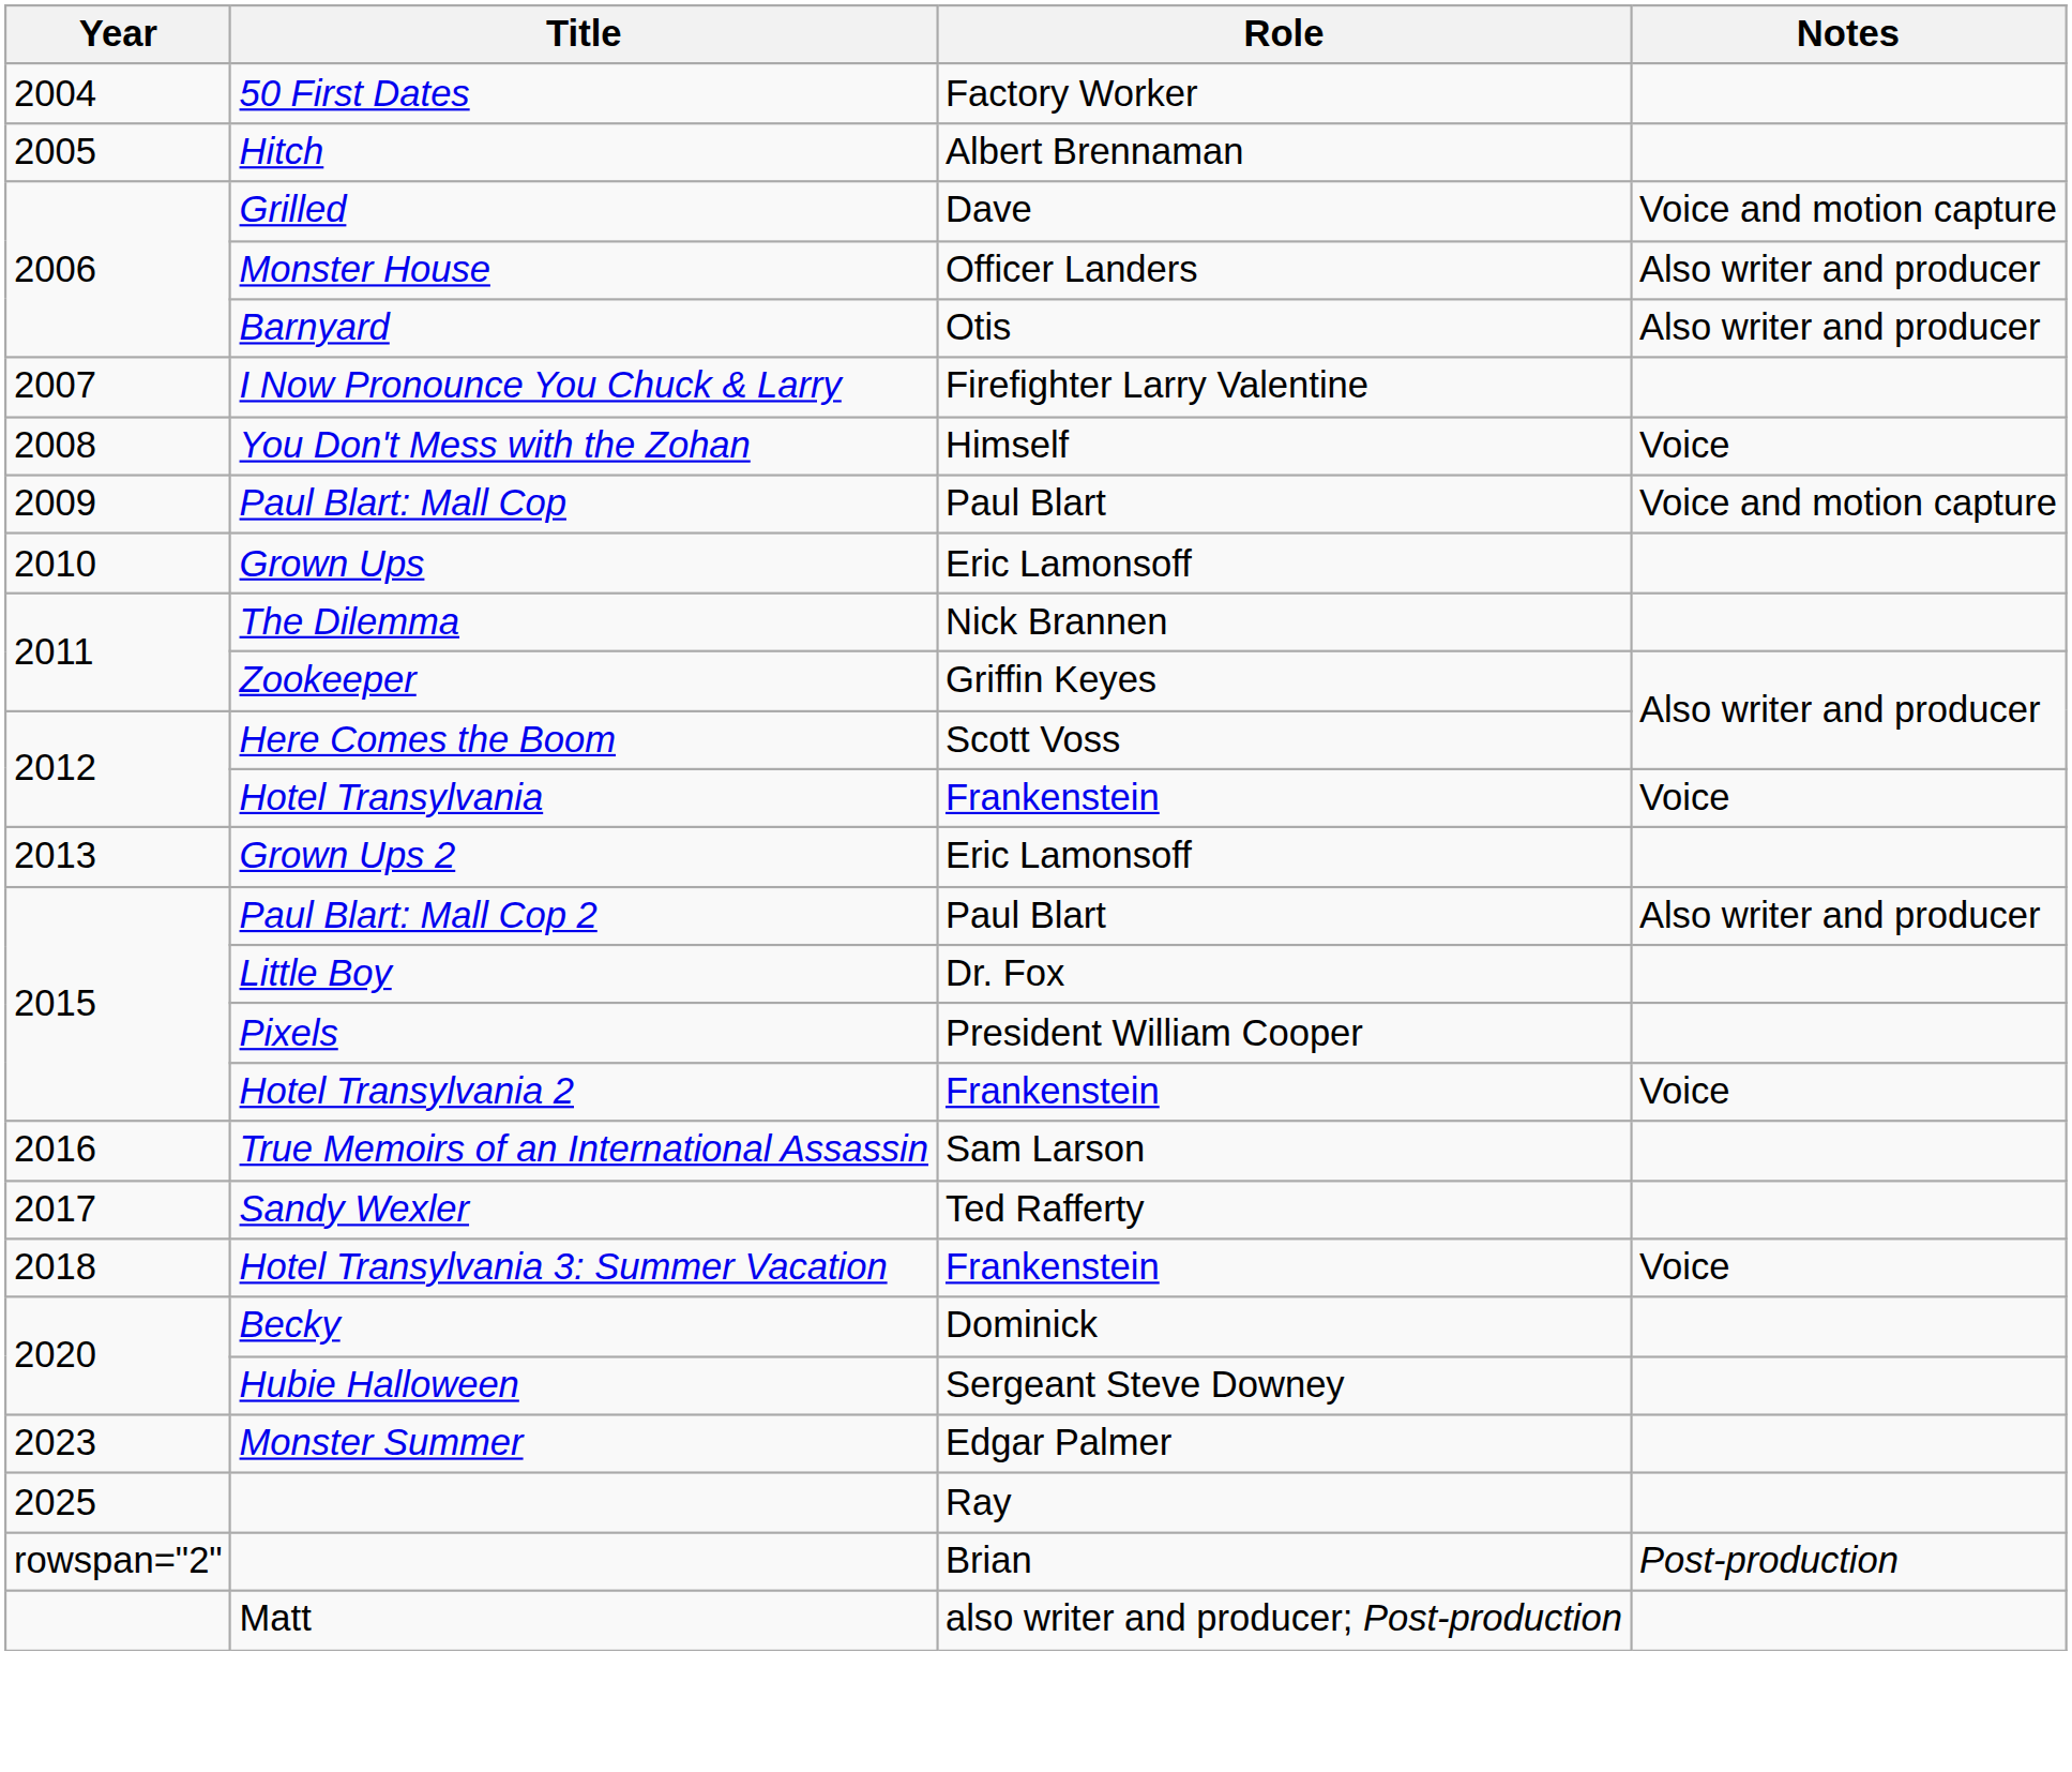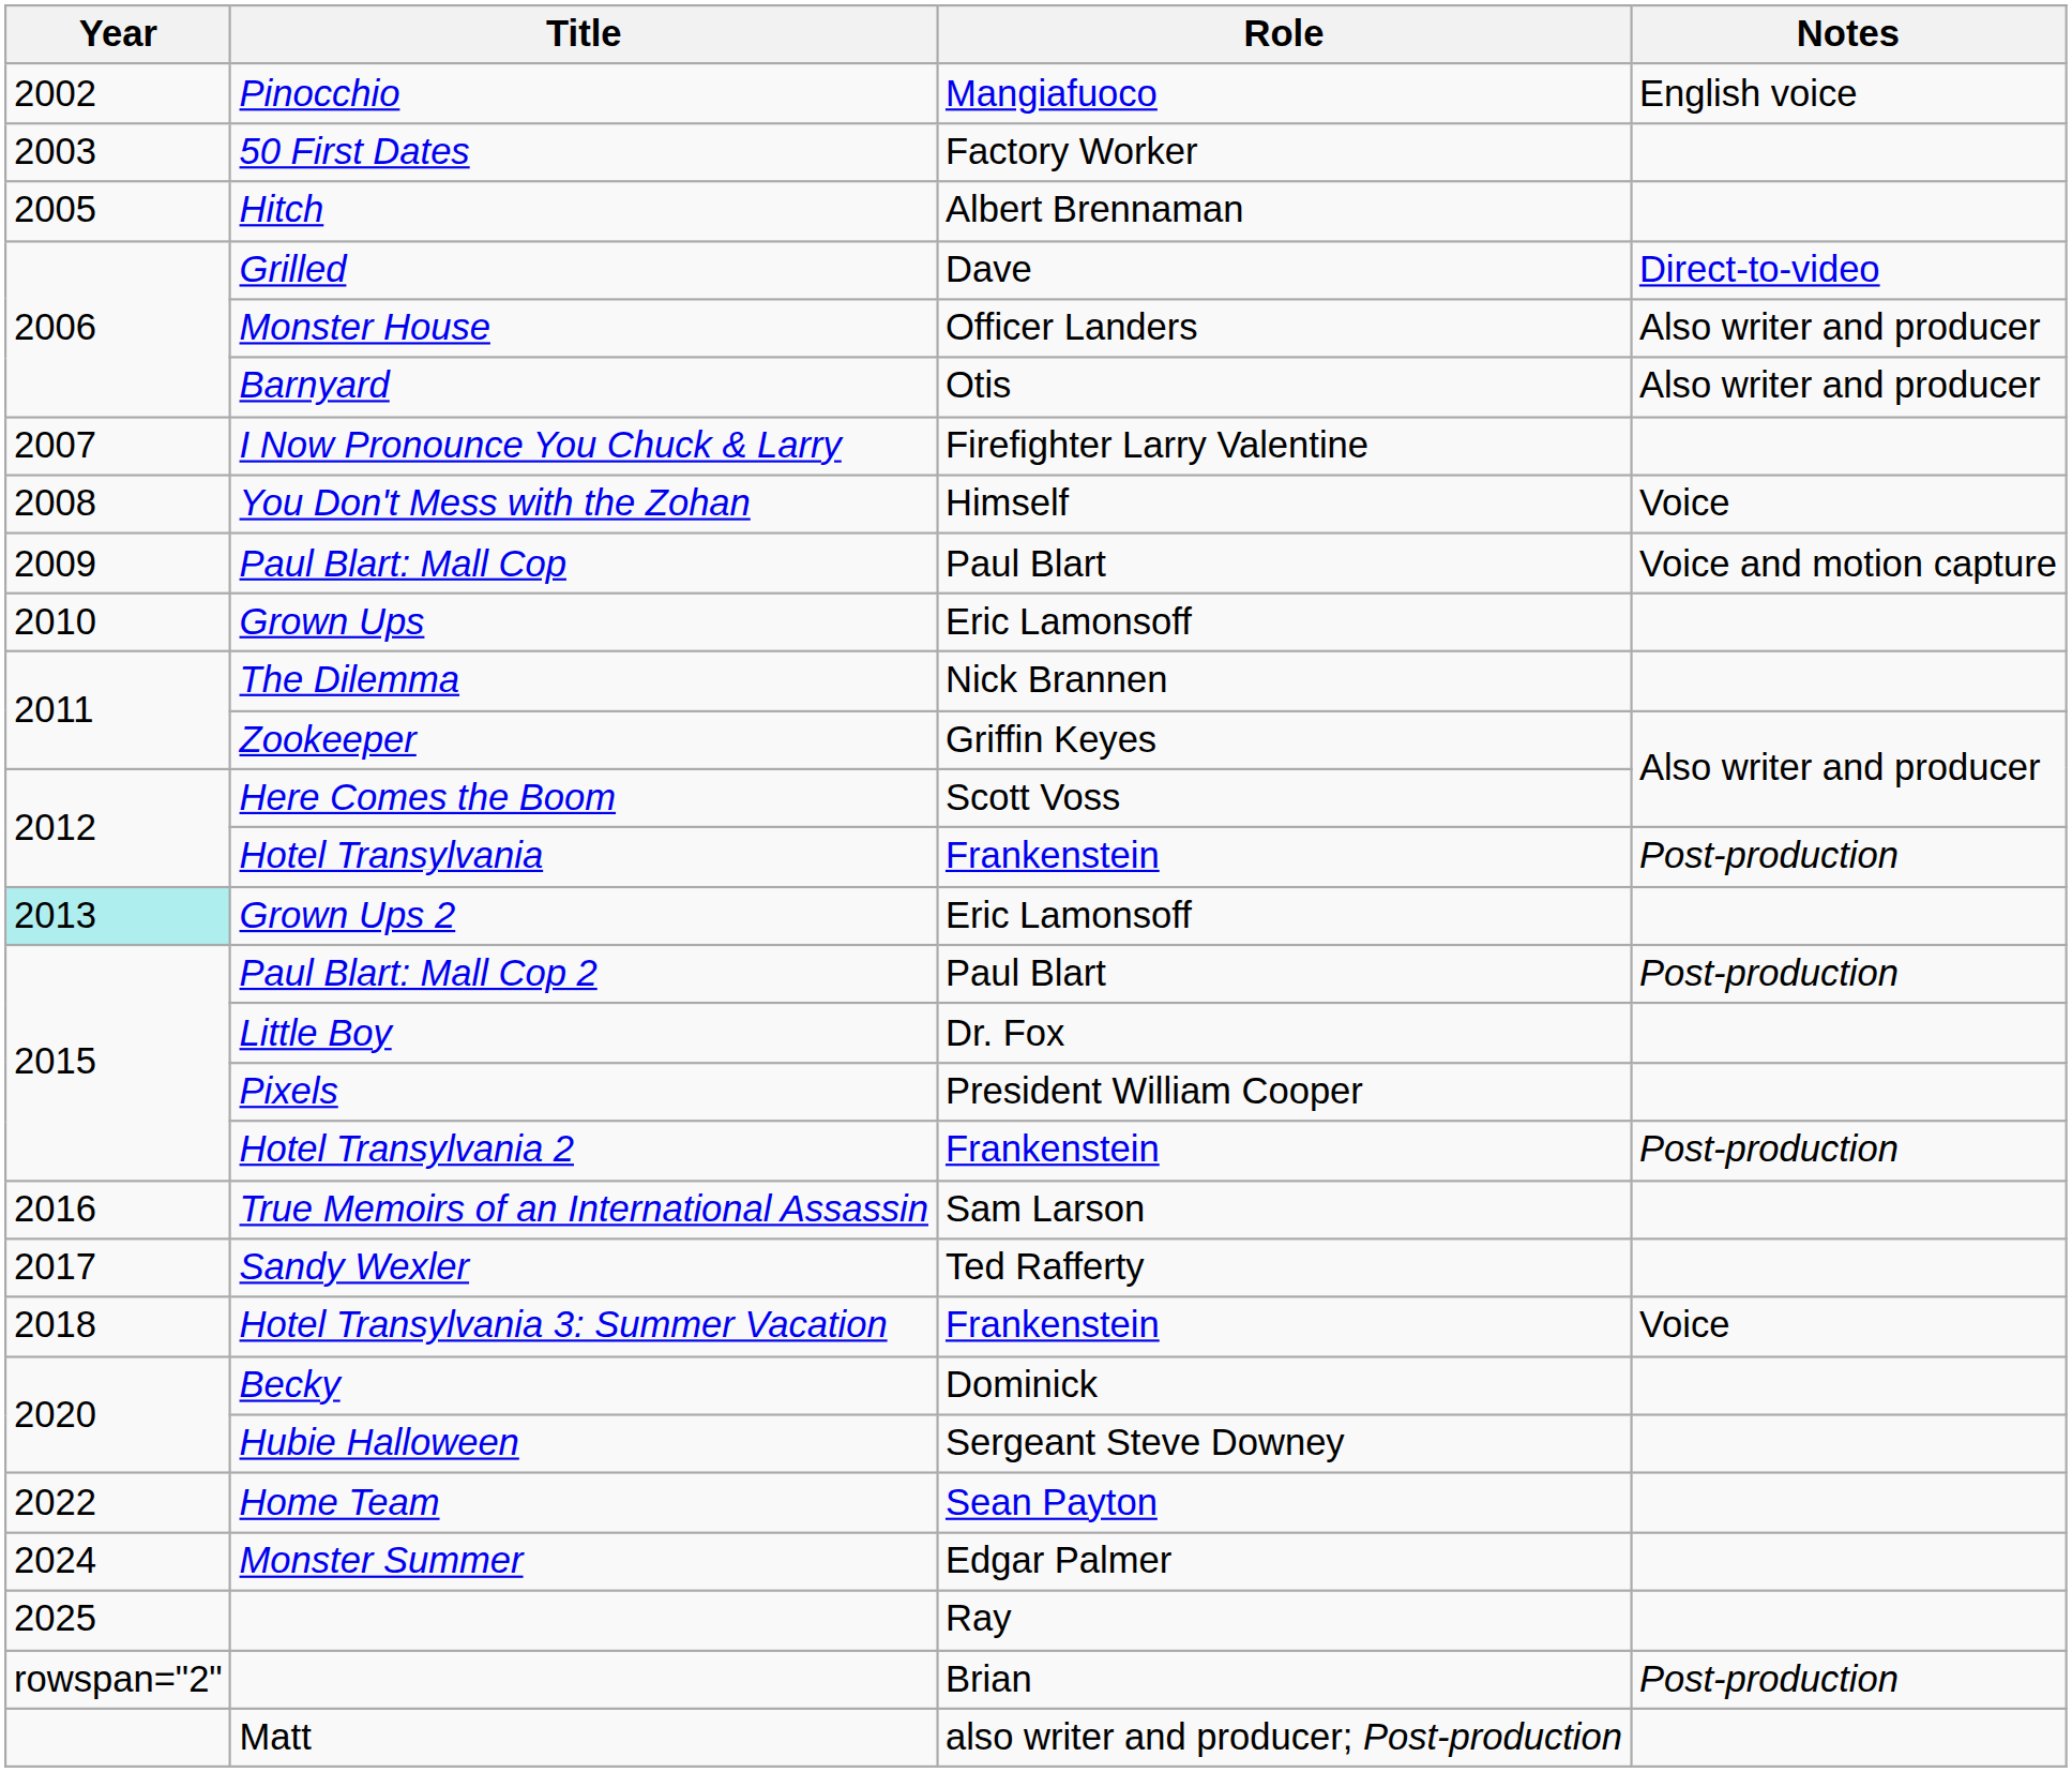 <table class="wikitable sortable">
 <tr>
 <th>Year</th>
 <th>Title</th>
 <th>Role</th>
 <th class="unsortable">Notes</th>
 </tr>
 <tr>
-<td>2004</td>
+<td>2002</td>
+<td><em><a href='#'>Pinocchio</a></em></td>
+<td><a href='#'>Mangiafuoco</a></td>
+<td>English voice</td>
+</tr>
+<tr>
+<td>2003</td>
 <td><em><a href='#'>50 First Dates</a></em></td>
 <td>Factory Worker</td>
 <td></td>
 </tr>
 <tr>
 <td>2005</td>
 <td><em><a href='#'>Hitch</a></em></td>
 <td>Albert Brennaman</td>
 <td></td>
 </tr>
 <tr>
 <td rowspan = "3">2006</td>
 <td><em><a href='#'>Grilled</a></em></td>
 <td>Dave</td>
-<td>Voice and motion capture</td>
+<td><a href='#'>Direct-to-video</a></td>
 </tr>
 <tr>
 <td><em><a href='#'>Monster House</a></em></td>
 <td>Officer Landers</td>
 <td>Also writer and producer</td>
 </tr>
 <tr>
 <td><em><a href='#'>Barnyard</a></em></td>
 <td>Otis</td>
 <td>Also writer and producer</td>
 </tr>
 <tr>
 <td>2007</td>
 <td><em><a href='#'>I Now Pronounce You Chuck & Larry</a></em></td>
 <td>Firefighter Larry Valentine</td>
 <td></td>
 </tr>
 <tr>
 <td>2008</td>
 <td><em><a href='#'>You Don't Mess with the Zohan</a></em></td>
 <td>Himself</td>
 <td>Voice</td>
 </tr>
 <tr>
 <td>2009</td>
 <td><em><a href='#'>Paul Blart: Mall Cop</a></em></td>
 <td>Paul Blart</td>
 <td>Voice and motion capture</td>
 </tr>
 <tr>
 <td>2010</td>
 <td><em><a href='#'>Grown Ups</a></em></td>
 <td>Eric Lamonsoff</td>
 <td></td>
 </tr>
 <tr>
 <td rowspan = "2">2011</td>
 <td><em><a href='#'>The Dilemma</a></em></td>
 <td>Nick Brannen</td>
 <td></td>
 </tr>
 <tr>
 <td><em><a href='#'>Zookeeper</a></em></td>
 <td>Griffin Keyes</td>
 <td rowspan = "2">Also writer and producer</td>
 </tr>
 <tr>
 <td rowspan = "2">2012</td>
 <td><em><a href='#'>Here Comes the Boom</a></em></td>
 <td>Scott Voss</td>
 </tr>
 <tr>
 <td><em><a href='#'>Hotel Transylvania</a></em></td>
 <td><a href='#'>Frankenstein</a></td>
-<td>Voice</td>
+<td><em>Post-production</em></td>
 </tr>
 <tr>
-<td>2013</td>
+<td style="background: paleturquoise;">2013</td>
 <td><em><a href='#'>Grown Ups 2</a></em></td>
 <td>Eric Lamonsoff</td>
 <td></td>
 </tr>
 <tr>
 <td rowspan = "4">2015</td>
 <td><em><a href='#'>Paul Blart: Mall Cop 2</a></em></td>
 <td>Paul Blart</td>
-<td>Also writer and producer</td>
+<td><em>Post-production</em></td>
 </tr>
 <tr>
 <td><em><a href='#'>Little Boy</a></em></td>
 <td>Dr. Fox</td>
 <td></td>
 </tr>
 <tr>
 <td><em><a href='#'>Pixels</a></em></td>
 <td>President William Cooper</td>
 <td></td>
 </tr>
 <tr>
 <td><em><a href='#'>Hotel Transylvania 2</a></em></td>
 <td><a href='#'>Frankenstein</a></td>
-<td>Voice</td>
+<td><em>Post-production</em></td>
 </tr>
 <tr>
 <td>2016</td>
 <td><em><a href='#'>True Memoirs of an International Assassin</a></em></td>
 <td>Sam Larson</td>
 <td></td>
 </tr>
 <tr>
 <td>2017</td>
 <td><em><a href='#'>Sandy Wexler</a></em></td>
 <td>Ted Rafferty</td>
 <td></td>
 </tr>
 <tr>
 <td>2018</td>
 <td><em><a href='#'>Hotel Transylvania 3: Summer Vacation</a></em></td>
 <td><a href='#'>Frankenstein</a></td>
 <td>Voice</td>
 </tr>
 <tr>
 <td rowspan = "2">2020</td>
 <td><em><a href='#'>Becky</a></em></td>
 <td>Dominick</td>
 <td></td>
 </tr>
 <tr>
 <td><em><a href='#'>Hubie Halloween</a></em></td>
 <td>Sergeant Steve Downey</td>
 <td></td>
 </tr>
 <tr>
-<td>2023</td>
+<td>2022</td>
+<td><em><a href='#'>Home Team</a></em></td>
+<td><a href='#'>Sean Payton</a></td>
+<td></td>
+</tr>
+<tr>
+<td>2024</td>
 <td><em><a href='#'>Monster Summer</a></em></td>
 <td>Edgar Palmer</td>
 <td></td>
 </tr>
 <tr>
 <td>2025</td>
 <td></td>
 <td>Ray</td>
 <td></td>
 </tr>
 <tr>
 <td>rowspan="2" </td>
 <td></td>
 <td>Brian</td>
 <td><em>Post-production</em></td>
 </tr>
 <tr>
 <td></td>
 <td>Matt</td>
 <td>also writer and producer; <em>Post-production</em><br></td>
 </tr>
 </table>
